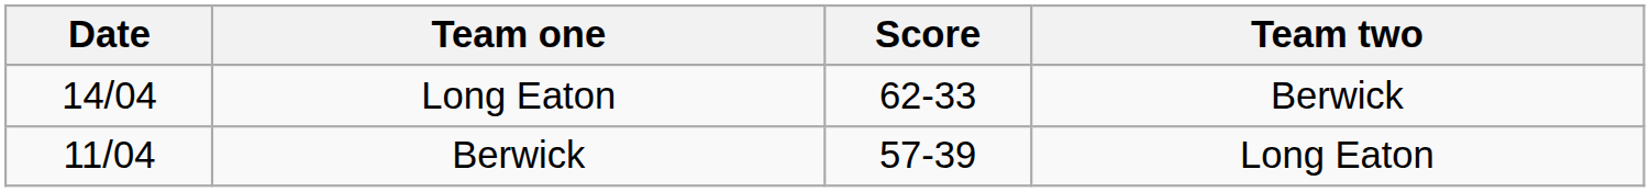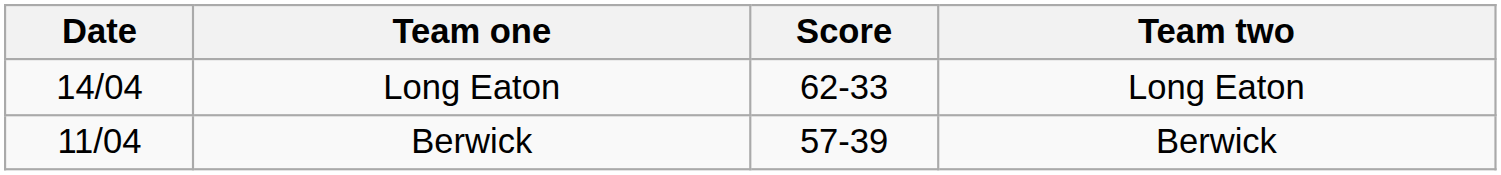 <table class="wikitable" style="text-align: center">
 <tr>
 <th width=80>Date</th>
 <th width=250>Team one</th>
 <th width=80>Score</th>
 <th width=250>Team two</th>
 </tr>
 <tr>
 <td>14/04</td>
 <td>Long Eaton</td>
 <td>62-33</td>
-<td>Berwick</td>
+<td>Long Eaton</td>
 </tr>
 <tr>
 <td>11/04</td>
 <td>Berwick</td>
 <td>57-39</td>
-<td>Long Eaton</td>
+<td>Berwick</td>
 </tr>
 </table>
